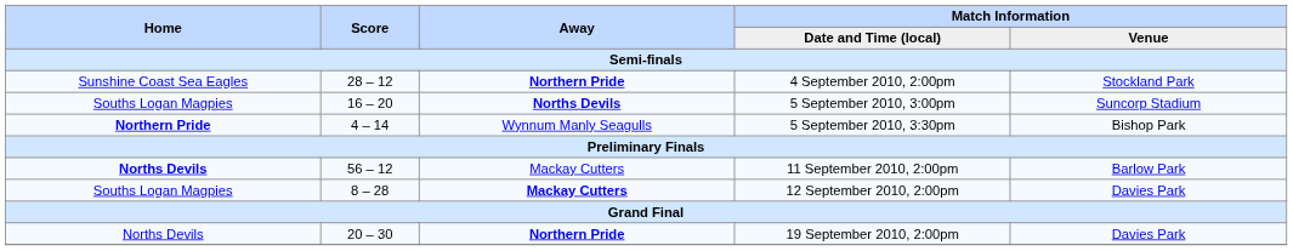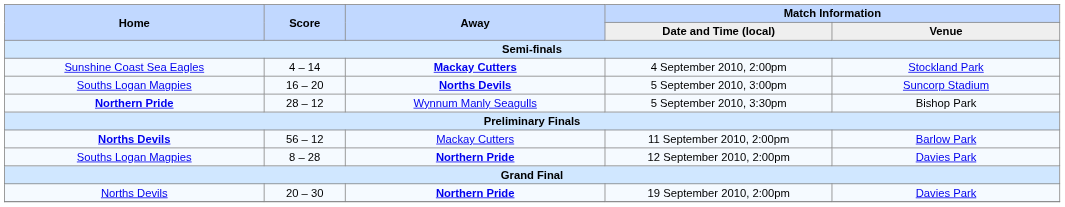 <table border=1 style="border-collapse:collapse; font-size:90%; text-align:center;" cellpadding=3 cellspacing=0>
 <tr bgcolor=#C1D8FF>
 <th rowspan=2 width=16%>Home</th>
 <th rowspan=2 width=5%>Score</th>
 <th rowspan=2 width=16%>Away</th>
 <th colspan=2>Match Information</th>
 </tr>
 <tr bgcolor=#EFEFEF>
 <th width=14%>Date and Time (local)</th>
 <th width=14%>Venue</th>
 </tr>
 <tr bgcolor="#D0E7FF">
 <td colspan=7><strong>Semi-finals</strong></td>
 </tr>
 <tr bgcolor=#F5FAFF>
 <td> <a href='#'>Sunshine Coast Sea Eagles</a></td>
-<td>28 – 12</td>
-<td> <strong><a href='#'>Northern Pride</a></strong></td>
+<td>4 – 14</td>
+<td> <strong><a href='#'>Mackay Cutters</a></strong></td>
 <td>4 September 2010, 2:00pm</td>
 <td><a href='#'>Stockland Park</a></td>
 </tr>
 <tr bgcolor=#F5FAFF>
 <td> <a href='#'>Souths Logan Magpies</a></td>
 <td>16 – 20</td>
 <td> <strong><a href='#'>Norths Devils</a></strong></td>
 <td>5 September 2010, 3:00pm</td>
 <td><a href='#'>Suncorp Stadium</a></td>
 </tr>
 <tr bgcolor=#F5FAFF>
 <td> <strong><a href='#'>Northern Pride</a></strong></td>
-<td>4 – 14</td>
+<td>28 – 12</td>
 <td> <a href='#'>Wynnum Manly Seagulls</a></td>
 <td>5 September 2010, 3:30pm</td>
 <td>Bishop Park</td>
 </tr>
 <tr bgcolor="#D0E7FF">
 <td colspan=7><strong>Preliminary Finals</strong></td>
 </tr>
 <tr bgcolor=#F5FAFF>
 <td> <strong><a href='#'>Norths Devils</a></strong></td>
 <td>56 – 12</td>
 <td> <a href='#'>Mackay Cutters</a></td>
 <td>11 September 2010, 2:00pm</td>
 <td><a href='#'>Barlow Park</a></td>
 </tr>
 <tr bgcolor=#F5FAFF>
 <td> <a href='#'>Souths Logan Magpies</a></td>
 <td>8 – 28</td>
-<td> <strong><a href='#'>Mackay Cutters</a></strong></td>
+<td> <strong><a href='#'>Northern Pride</a></strong></td>
 <td>12 September 2010, 2:00pm</td>
 <td><a href='#'>Davies Park</a></td>
 </tr>
 <tr bgcolor="#D0E7FF">
 <td colspan=7><strong>Grand Final</strong></td>
 </tr>
 <tr bgcolor=#F5FAFF>
 <td> <a href='#'>Norths Devils</a></td>
 <td>20 – 30</td>
 <td> <strong><a href='#'>Northern Pride</a></strong></td>
 <td>19 September 2010, 2:00pm</td>
 <td><a href='#'>Davies Park</a></td>
 </tr>
 <tr bgcolor=#F5FAFF>
 </tr>
 </table>
